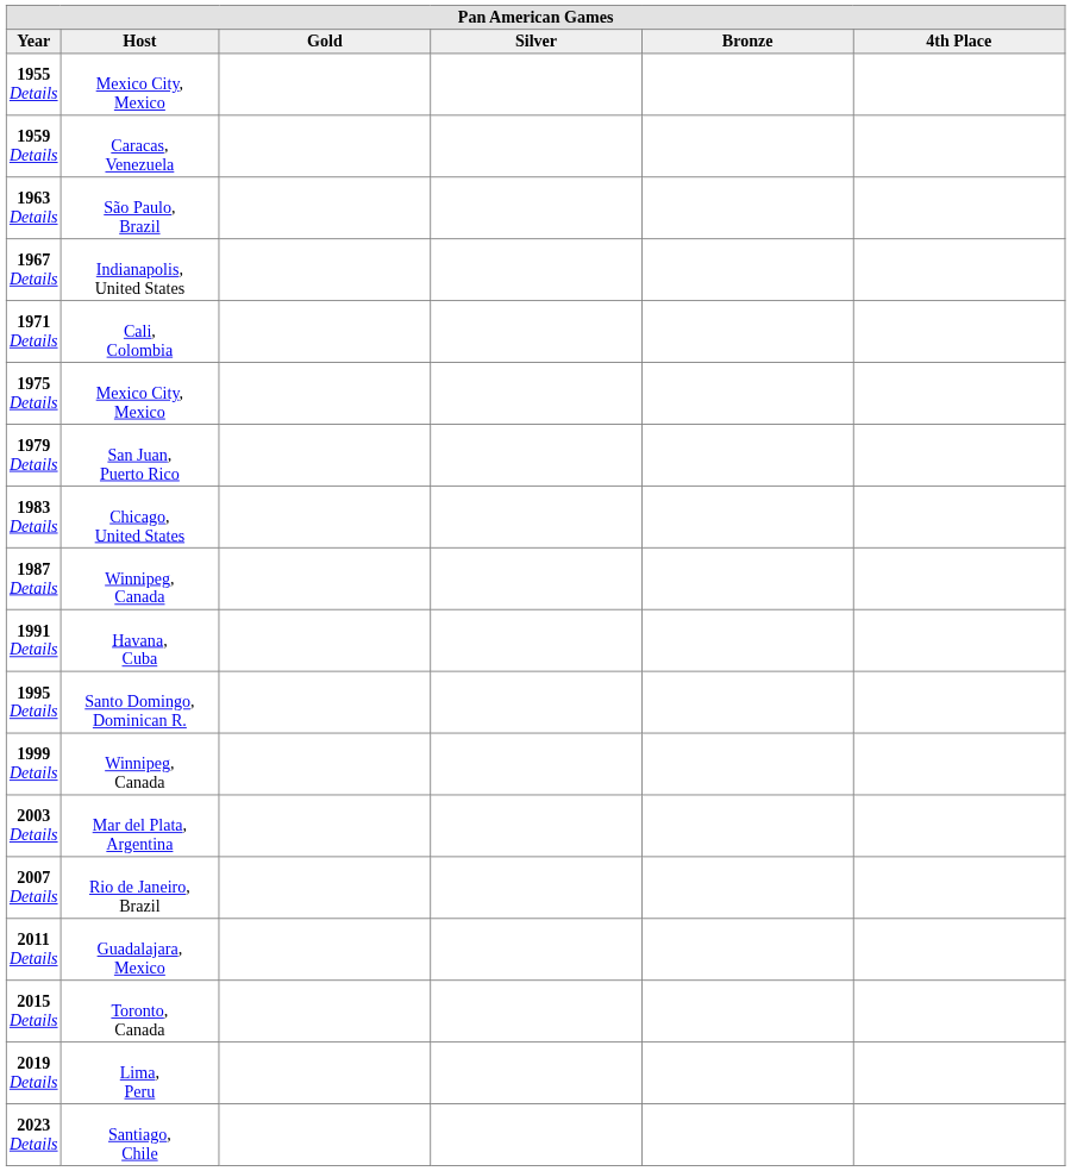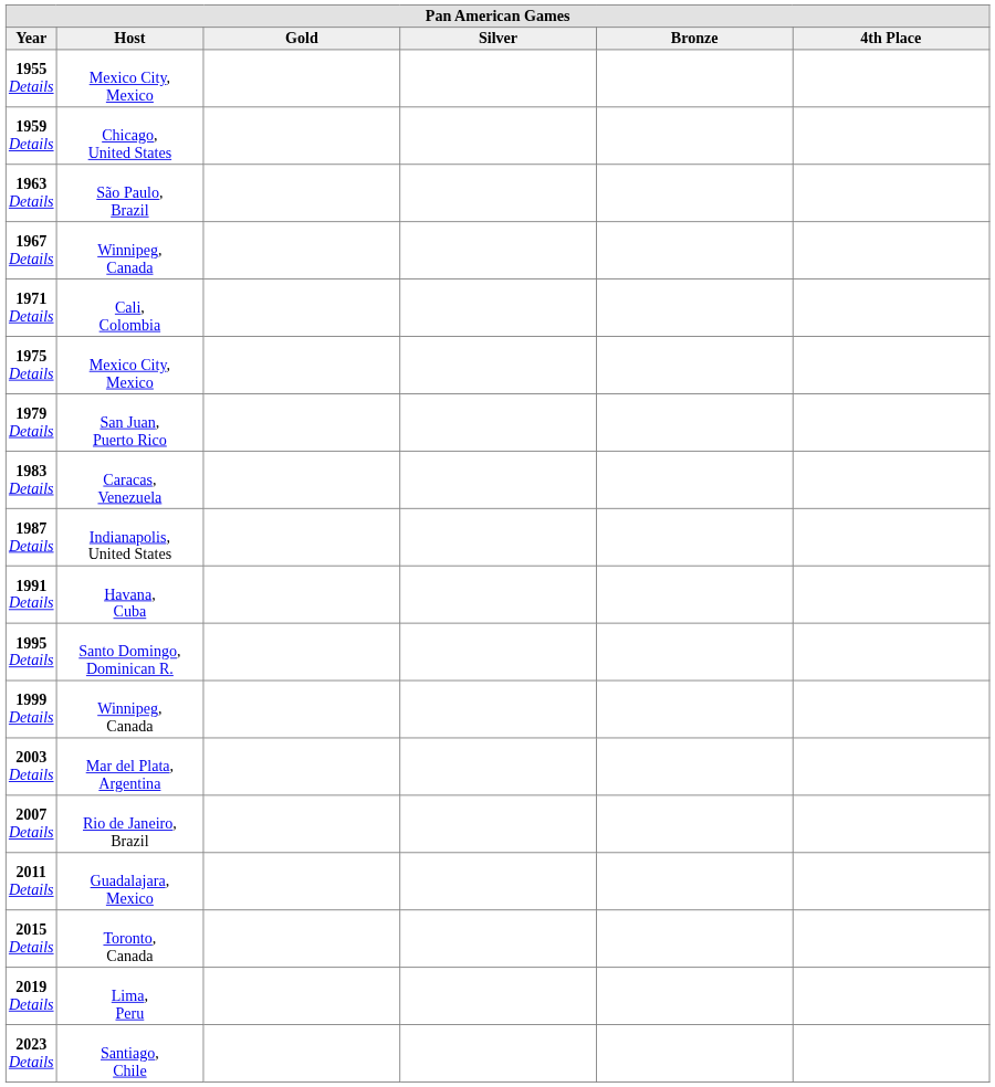 <table class="toccolours" border="1" cellpadding="2" style="border-collapse: collapse; text-align: center; width: 80%; margin: 0 auto;">
 <tr style= "background: #e2e2e2;">
 <th colspan=6 width=100%>Pan American Games</th>
 </tr>
 <tr style="background: #efefef;">
 <th width=5%>Year</th>
 <th width=15%>Host</th>
 <th width=20%>Gold</th>
 <th width=20%>Silver</th>
 <th width=20%>Bronze</th>
 <th width=20%>4th Place</th>
 </tr>
 <tr align=center>
 <td><strong>1955</strong><br><em><a href='#'>Details</a></em></td>
 <td><br><a href='#'>Mexico City</a>,<br> <a href='#'>Mexico</a></td>
 <td><strong></strong></td>
 <td></td>
 <td></td>
 <td></td>
 </tr>
 <tr align=center valign=center>
 <td><strong>1959</strong><br><em><a href='#'>Details</a></em></td>
-<td><br><a href='#'>Caracas</a>,<br> <a href='#'>Venezuela</a></td>
+<td><br><a href='#'>Chicago</a>,<br> <a href='#'>United States</a></td>
 <td><strong></strong></td>
 <td></td>
 <td></td>
 <td></td>
 </tr>
 <tr>
 <td><strong>1963</strong><br><em><a href='#'>Details</a></em></td>
 <td><br><a href='#'>São Paulo</a>,<br> <a href='#'>Brazil</a></td>
 <td><strong></strong></td>
 <td></td>
 <td></td>
 <td></td>
 </tr>
 <tr>
 <td><strong>1967</strong><br><em><a href='#'>Details</a></em></td>
-<td><br><a href='#'>Indianapolis</a>,<br> United States</td>
+<td><br><a href='#'>Winnipeg</a>,<br> <a href='#'>Canada</a></td>
 <td><strong></strong></td>
 <td></td>
 <td></td>
 <td></td>
 </tr>
 <tr>
 <td><strong>1971</strong><br><em><a href='#'>Details</a></em></td>
 <td><br><a href='#'>Cali</a>,<br> <a href='#'>Colombia</a></td>
 <td><strong></strong></td>
 <td></td>
 <td></td>
 <td></td>
 </tr>
 <tr>
 <td><strong>1975</strong><br><em><a href='#'>Details</a></em></td>
 <td><br><a href='#'>Mexico City</a>,<br> <a href='#'>Mexico</a></td>
 <td><strong></strong></td>
 <td></td>
 <td></td>
 <td></td>
 </tr>
 <tr>
 <td><strong>1979</strong><br><em><a href='#'>Details</a></em></td>
 <td><br><a href='#'>San Juan</a>,<br> <a href='#'>Puerto Rico</a></td>
 <td><strong></strong></td>
 <td></td>
 <td></td>
 <td></td>
 </tr>
 <tr>
 <td><strong>1983</strong><br><em><a href='#'>Details</a></em></td>
-<td><br><a href='#'>Chicago</a>,<br> <a href='#'>United States</a></td>
+<td><br><a href='#'>Caracas</a>,<br> <a href='#'>Venezuela</a></td>
 <td><strong></strong></td>
 <td></td>
 <td></td>
 <td></td>
 </tr>
 <tr>
 <td><strong>1987</strong><br><em><a href='#'>Details</a></em></td>
-<td><br><a href='#'>Winnipeg</a>,<br> <a href='#'>Canada</a></td>
+<td><br><a href='#'>Indianapolis</a>,<br> United States</td>
 <td><strong></strong></td>
 <td></td>
 <td></td>
 <td></td>
 </tr>
 <tr>
 <td><strong>1991</strong><br><em><a href='#'>Details</a></em></td>
 <td><br><a href='#'>Havana</a>,<br> <a href='#'>Cuba</a></td>
 <td><strong></strong></td>
 <td></td>
 <td></td>
 <td></td>
 </tr>
 <tr>
 <td><strong>1995</strong><br><em><a href='#'>Details</a></em></td>
 <td><br><a href='#'>Santo Domingo</a>,<br> <a href='#'>Dominican R.</a></td>
 <td><strong></strong></td>
 <td></td>
 <td></td>
 <td></td>
 </tr>
 <tr>
 <td><strong>1999</strong><br><em><a href='#'>Details</a></em></td>
 <td><br><a href='#'>Winnipeg</a>,<br> Canada</td>
 <td><strong></strong></td>
 <td></td>
 <td></td>
 <td></td>
 </tr>
 <tr>
 <td><strong>2003</strong><br><em><a href='#'>Details</a></em></td>
 <td><br><a href='#'>Mar del Plata</a>,<br> <a href='#'>Argentina</a></td>
 <td><strong></strong></td>
 <td></td>
 <td></td>
 <td></td>
 </tr>
 <tr>
 <td><strong>2007</strong><br><em><a href='#'>Details</a></em></td>
 <td><br><a href='#'>Rio de Janeiro</a>,<br> Brazil</td>
 <td><strong></strong></td>
 <td></td>
 <td></td>
 <td></td>
 </tr>
 <tr>
 <td><strong>2011</strong><br><em><a href='#'>Details</a></em></td>
 <td><br><a href='#'>Guadalajara</a>,<br> <a href='#'>Mexico</a></td>
 <td><strong></strong></td>
 <td></td>
 <td></td>
 <td></td>
 </tr>
 <tr>
 <td><strong>2015</strong><br><em><a href='#'>Details</a></em></td>
 <td><br><a href='#'>Toronto</a>,<br> Canada</td>
 <td><strong></strong></td>
 <td></td>
 <td></td>
 <td></td>
 </tr>
 <tr>
 <td><strong>2019</strong><br><em><a href='#'>Details</a></em></td>
 <td><br><a href='#'>Lima</a>,<br> <a href='#'>Peru</a></td>
 <td><strong></strong></td>
 <td></td>
 <td></td>
 <td></td>
 </tr>
 <tr>
 <td><strong>2023</strong><br><em><a href='#'>Details</a></em></td>
 <td><br><a href='#'>Santiago</a>,<br> <a href='#'>Chile</a></td>
 <td><strong></strong></td>
 <td></td>
 <td></td>
 <td></td>
 </tr>
 </table>
